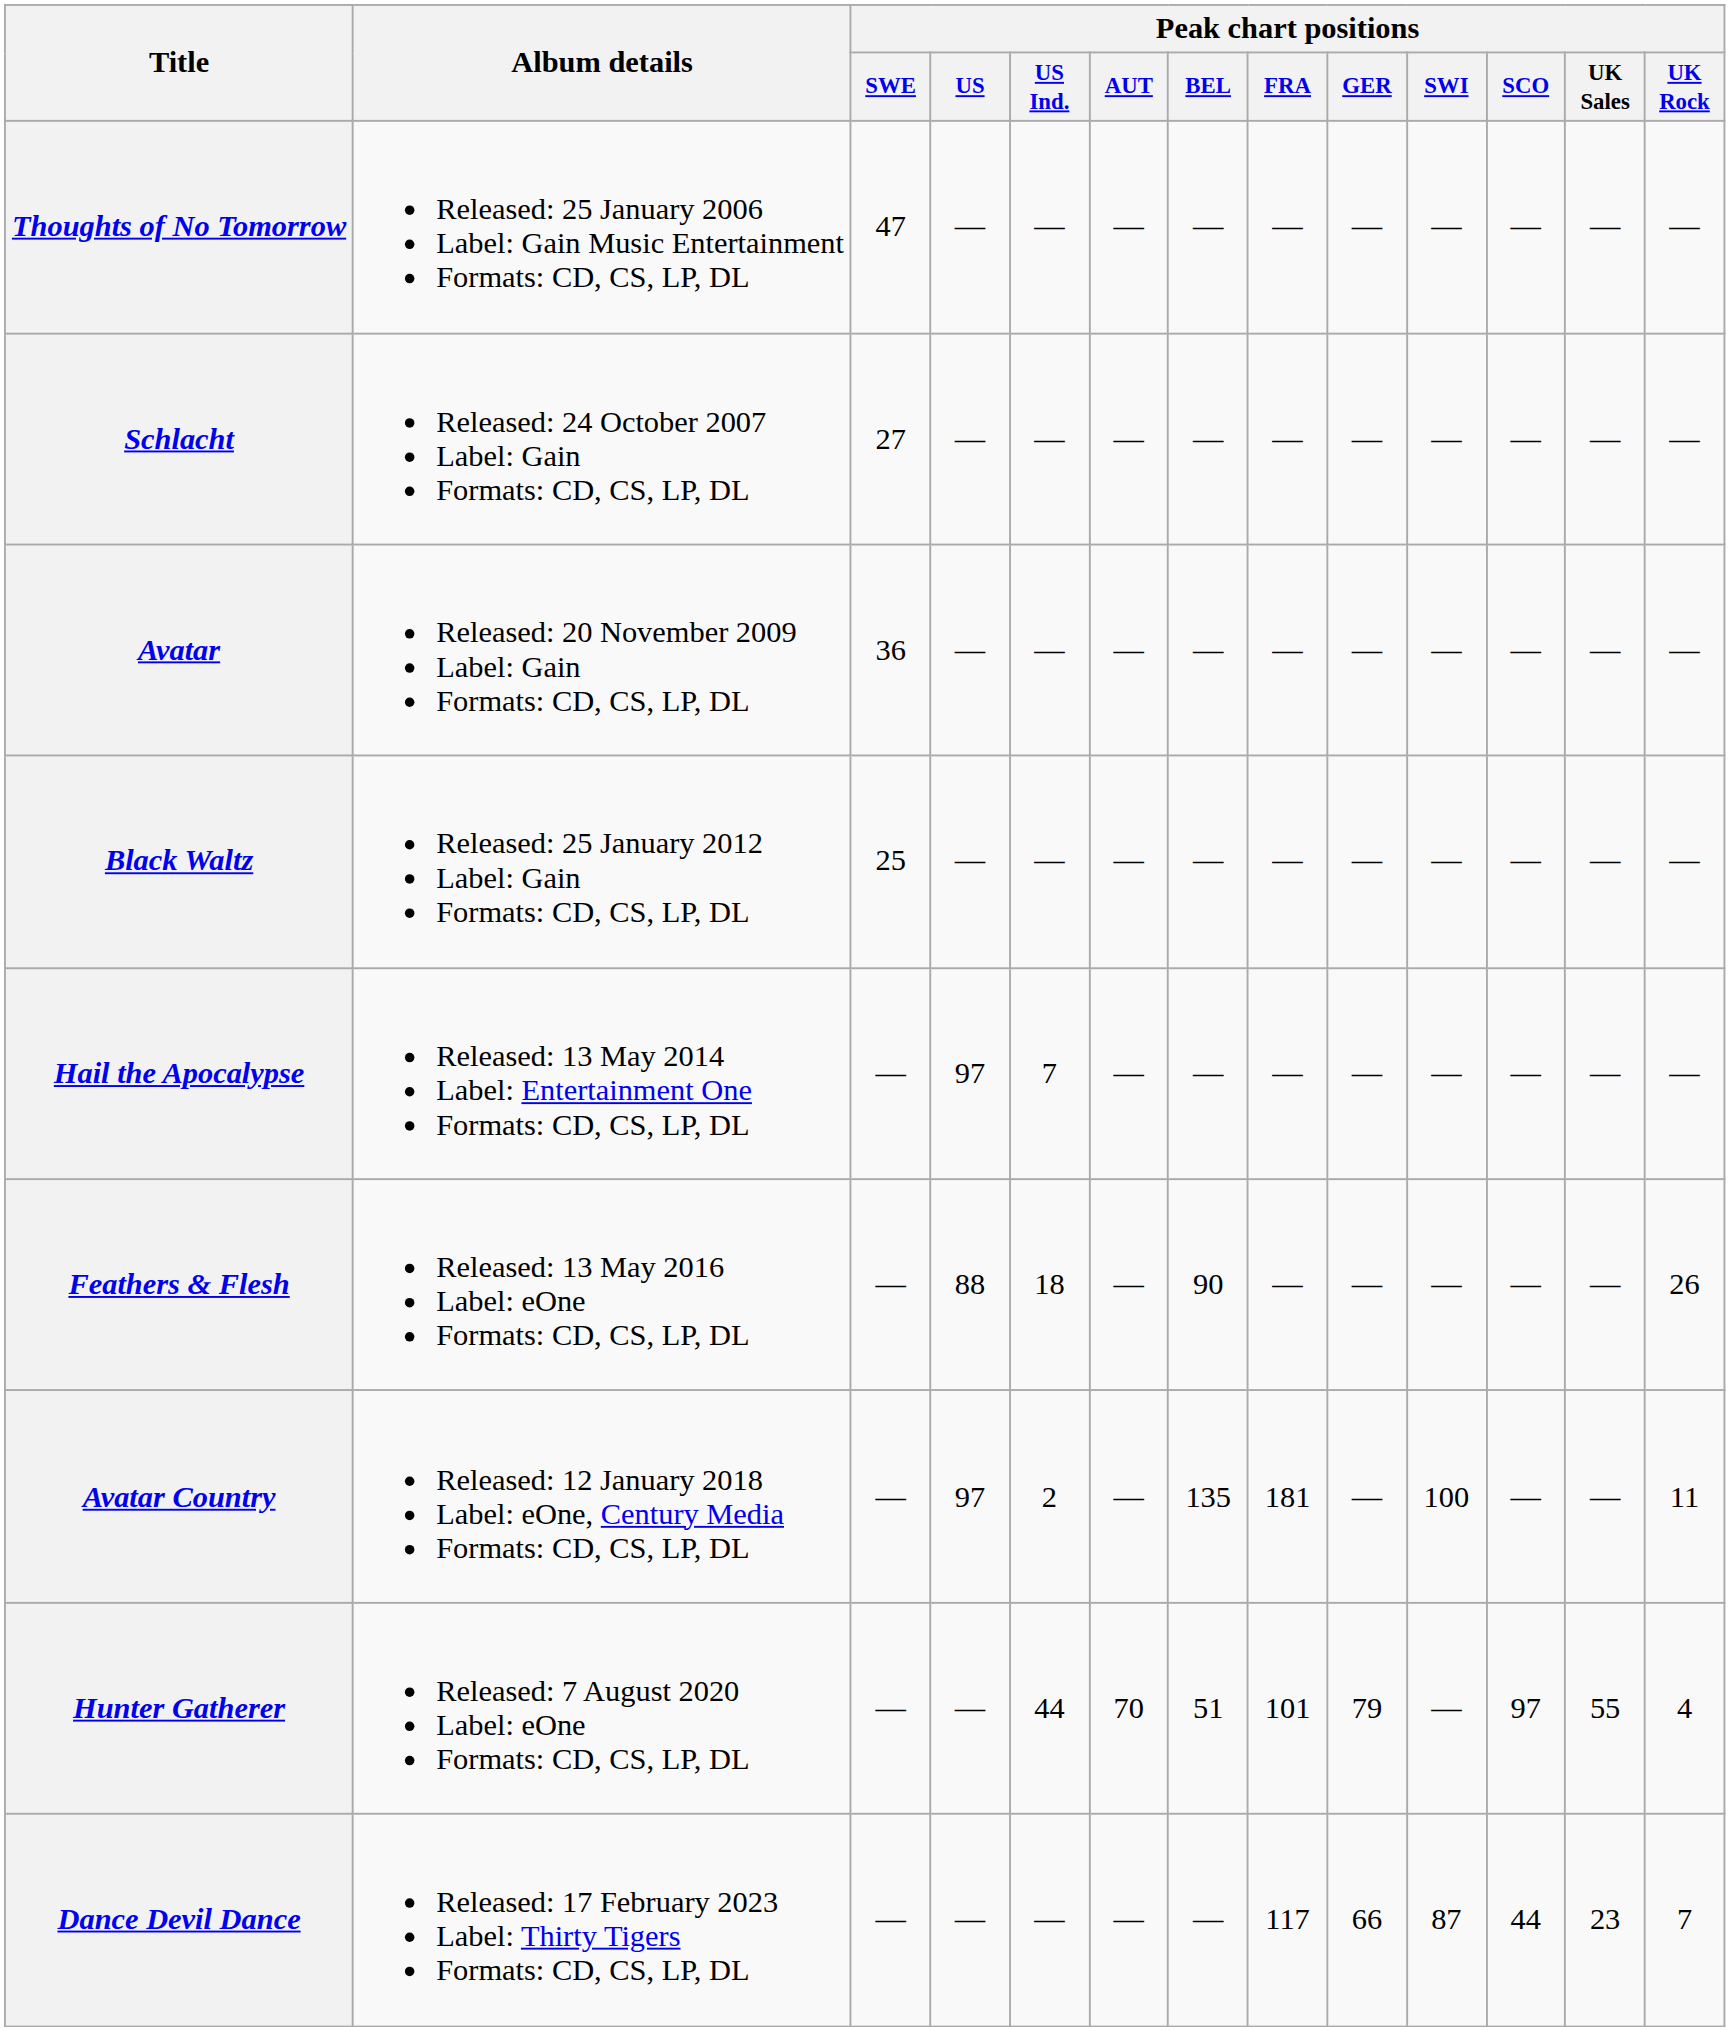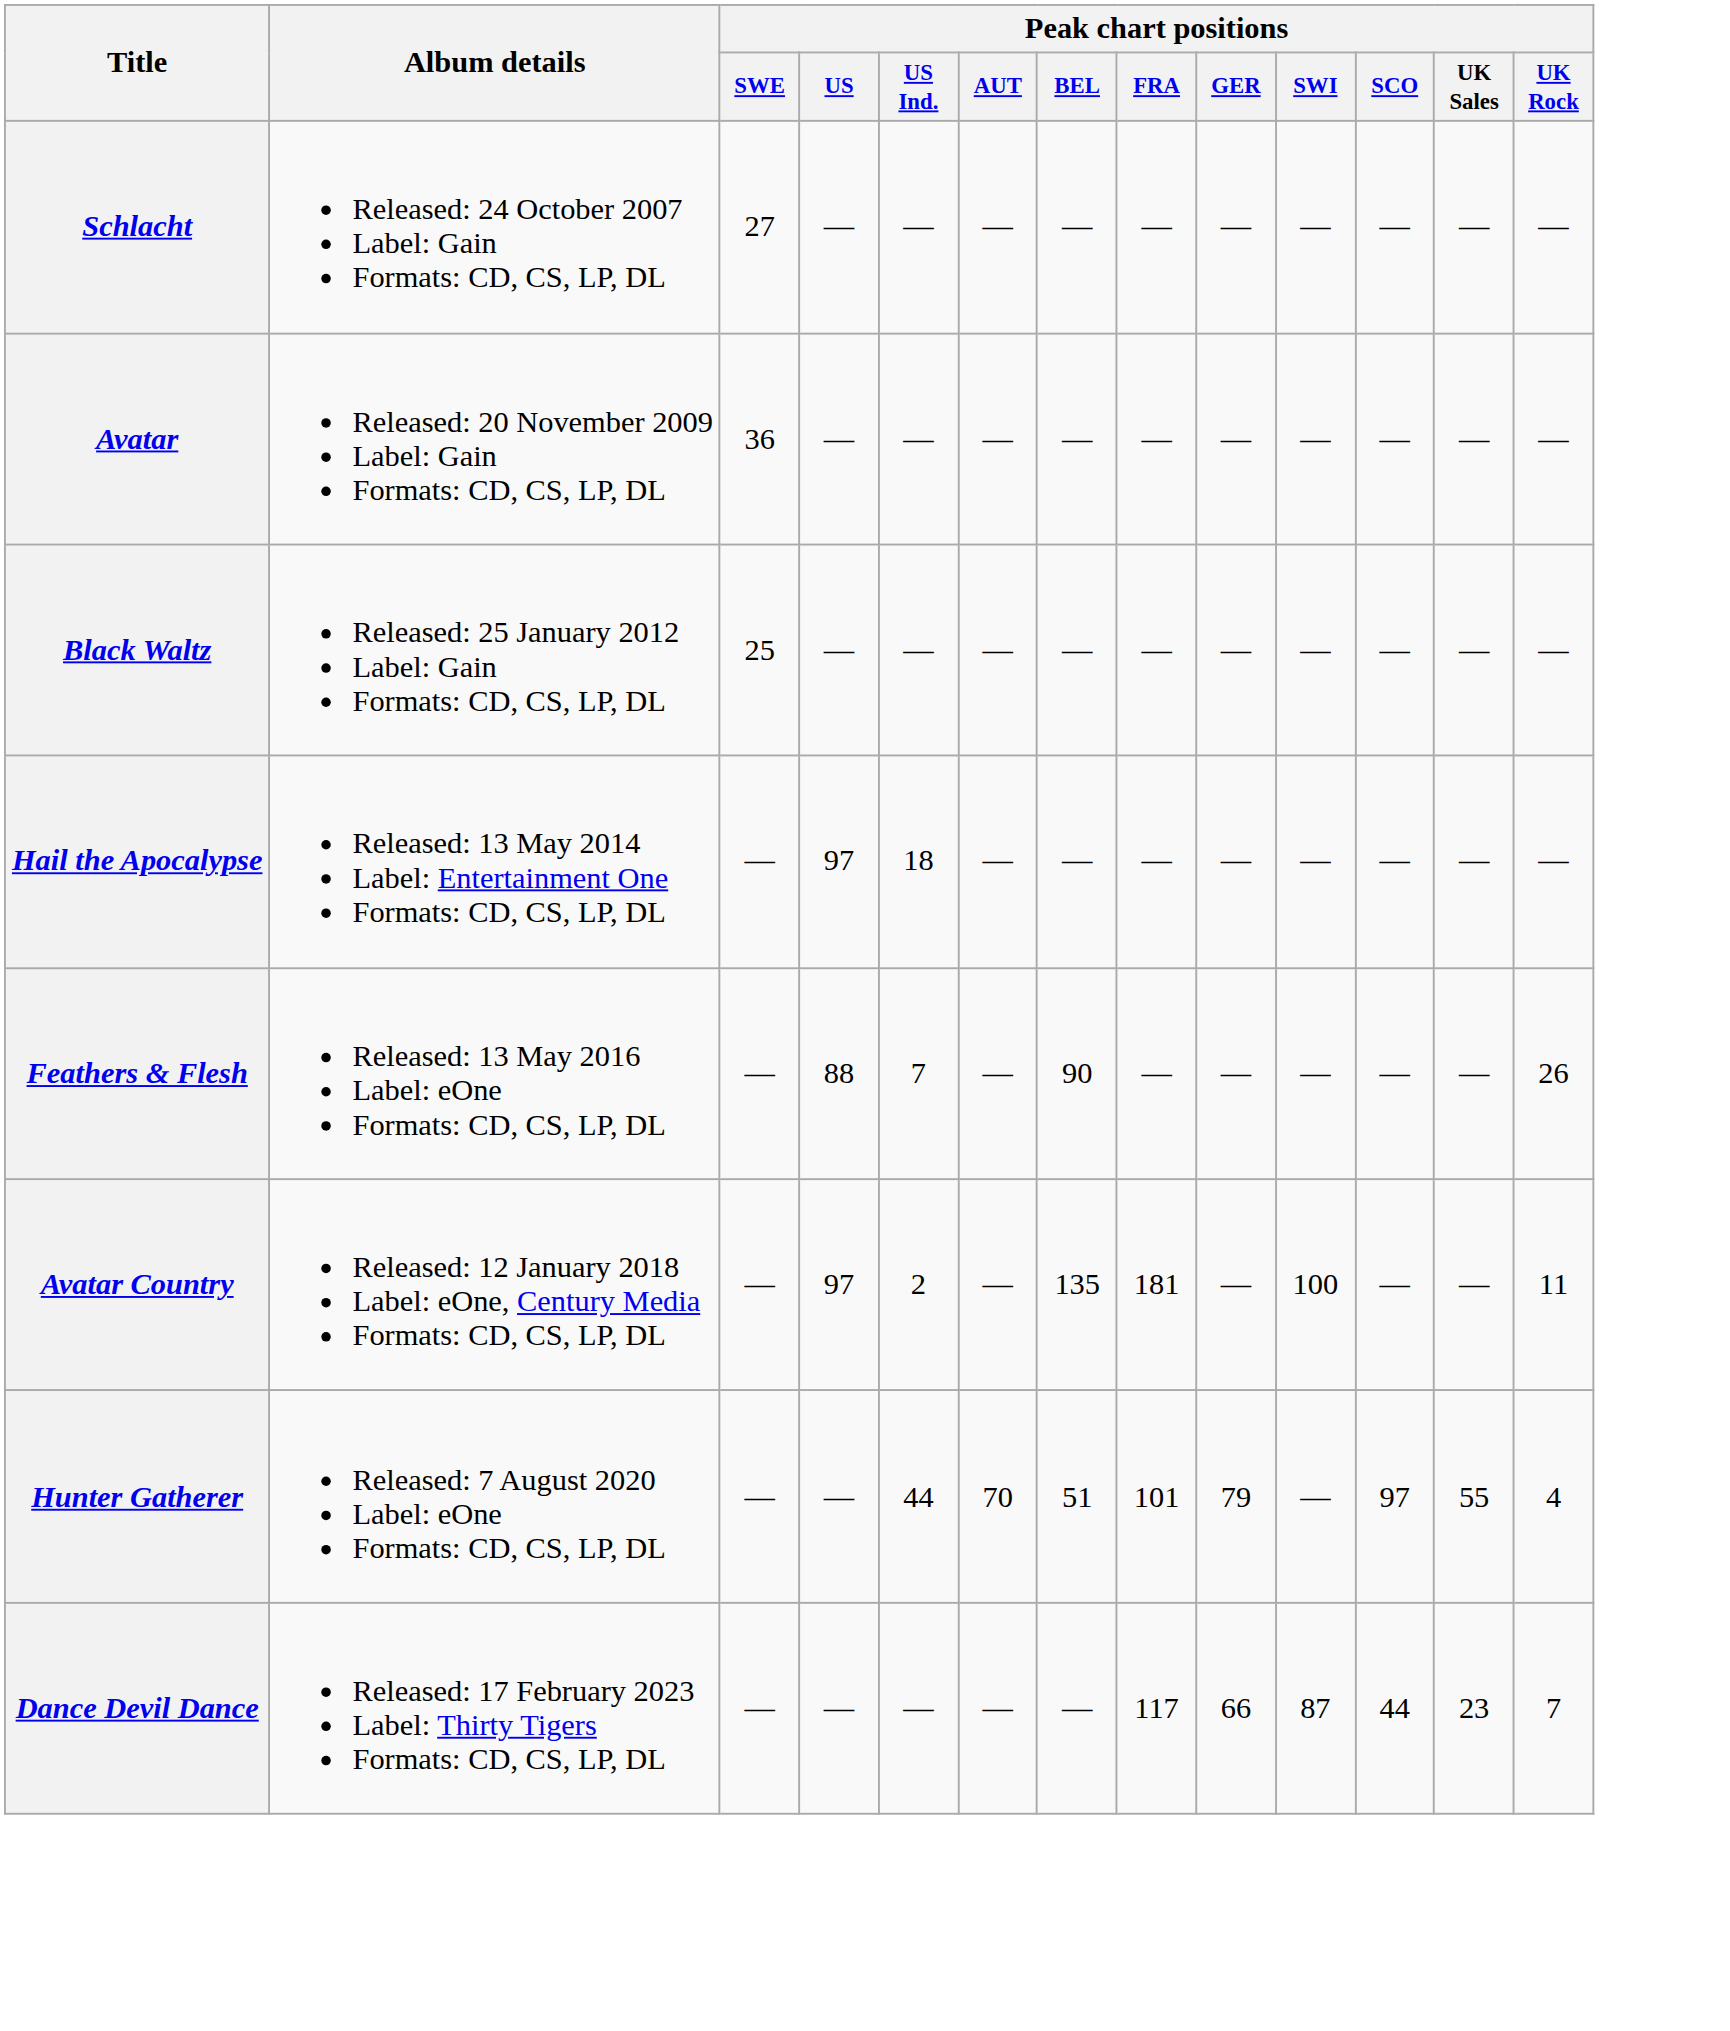 <table class ="wikitable">
 <tr>
 <th rowspan="2">Title</th>
 <th rowspan="2">Album details</th>
 <th colspan="11">Peak chart positions</th>
 </tr>
 <tr>
 <th style="width:3em;font-size:75%"><a href='#'>SWE</a><br></th>
 <th style="width:3em;font-size:75%"><a href='#'>US</a><br></th>
 <th style="width:3em;font-size:75%"><a href='#'>US<br> Ind.</a></th>
 <th style="width:3em;font-size:75%"><a href='#'>AUT</a><br></th>
 <th style="width:3em;font-size:75%"><a href='#'>BEL</a><br></th>
 <th style="width:3em;font-size:75%"><a href='#'>FRA</a><br></th>
 <th style="width:3em;font-size:75%"><a href='#'>GER</a><br></th>
 <th style="width:3em;font-size:75%"><a href='#'>SWI</a><br></th>
 <th style="width:3em;font-size:75%"><a href='#'>SCO</a><br></th>
 <th style="width:3em;font-size:75%">UK Sales<br></th>
 <th style="width:3em;font-size:75%"><a href='#'>UK Rock</a><br></th>
-</tr>
-<tr>
-<th scope="row"><em><a href='#'>Thoughts of No Tomorrow</a></em></th>
-<td><br><ul><li>Released: 25 January 2006</li><li>Label: Gain Music Entertainment</li><li>Formats: CD, CS, LP, DL</li></ul></td>
-<td align="center">47</td>
-<td align="center">—</td>
-<td align="center">—</td>
-<td align="center">—</td>
-<td align="center">—</td>
-<td align="center">—</td>
-<td align="center">—</td>
-<td align="center">—</td>
-<td align="center">—</td>
-<td align="center">—</td>
-<td align="center">—</td>
 </tr>
 <tr>
 <th scope="row"><em><a href='#'>Schlacht</a></em></th>
 <td><br><ul><li>Released: 24 October 2007</li><li>Label: Gain</li><li>Formats: CD, CS, LP, DL</li></ul></td>
 <td align="center">27</td>
 <td align="center">—</td>
 <td align="center">—</td>
 <td align="center">—</td>
 <td align="center">—</td>
 <td align="center">—</td>
 <td align="center">—</td>
 <td align="center">—</td>
 <td align="center">—</td>
 <td align="center">—</td>
 <td align="center">—</td>
 </tr>
 <tr>
 <th scope="row"><em><a href='#'>Avatar</a></em></th>
 <td><br><ul><li>Released: 20 November 2009</li><li>Label: Gain</li><li>Formats: CD, CS, LP, DL</li></ul></td>
 <td align="center">36</td>
 <td align="center">—</td>
 <td align="center">—</td>
 <td align="center">—</td>
 <td align="center">—</td>
 <td align="center">—</td>
 <td align="center">—</td>
 <td align="center">—</td>
 <td align="center">—</td>
 <td align="center">—</td>
 <td align="center">—</td>
 </tr>
 <tr>
 <th scope="row"><em><a href='#'>Black Waltz</a></em></th>
 <td><br><ul><li>Released: 25 January 2012</li><li>Label: Gain</li><li>Formats: CD, CS, LP, DL</li></ul></td>
 <td align="center">25</td>
 <td align="center">—</td>
 <td align="center">—</td>
 <td align="center">—</td>
 <td align="center">—</td>
 <td align="center">—</td>
 <td align="center">—</td>
 <td align="center">—</td>
 <td align="center">—</td>
 <td align="center">—</td>
 <td align="center">—</td>
 </tr>
 <tr>
 <th scope="row"><em><a href='#'>Hail the Apocalypse</a></em></th>
 <td><br><ul><li>Released: 13 May 2014</li><li>Label: <a href='#'>Entertainment One</a></li><li>Formats: CD, CS, LP, DL</li></ul></td>
 <td align="center">—</td>
 <td align="center">97</td>
-<td align="center">7</td>
+<td align="center">18</td>
 <td align="center">—</td>
 <td align="center">—</td>
 <td align="center">—</td>
 <td align="center">—</td>
 <td align="center">—</td>
 <td align="center">—</td>
 <td align="center">—</td>
 <td align="center">—</td>
 </tr>
 <tr>
 <th scope="row"><em><a href='#'>Feathers & Flesh</a></em></th>
 <td><br><ul><li>Released: 13 May 2016</li><li>Label: eOne</li><li>Formats: CD, CS, LP, DL</li></ul></td>
 <td align="center">—</td>
 <td align="center">88</td>
-<td align="center">18</td>
+<td align="center">7</td>
 <td align="center">—</td>
 <td align="center">90</td>
 <td align="center">—</td>
 <td align="center">—</td>
 <td align="center">—</td>
 <td align="center">—</td>
 <td align="center">—</td>
 <td align="center">26</td>
 </tr>
 <tr>
 <th scope="row"><em><a href='#'>Avatar Country</a></em></th>
 <td><br><ul><li>Released: 12 January 2018</li><li>Label: eOne, <a href='#'>Century Media</a></li><li>Formats: CD, CS, LP, DL</li></ul></td>
 <td align="center">—</td>
 <td align="center">97</td>
 <td align="center">2</td>
 <td align="center">—</td>
 <td align="center">135</td>
 <td align="center">181</td>
 <td align="center">—</td>
 <td align="center">100</td>
 <td align="center">—</td>
 <td align="center">—</td>
 <td align="center">11</td>
 </tr>
 <tr>
 <th scope="row"><em><a href='#'>Hunter Gatherer</a></em></th>
 <td><br><ul><li>Released: 7 August 2020</li><li>Label: eOne</li><li>Formats: CD, CS, LP, DL</li></ul></td>
 <td align="center">—</td>
 <td align="center">—</td>
 <td align="center">44</td>
 <td align="center">70</td>
 <td align="center">51</td>
 <td align="center">101</td>
 <td align="center">79</td>
 <td align="center">—</td>
 <td align="center">97</td>
 <td align="center">55</td>
 <td align="center">4</td>
 </tr>
 <tr>
 <th scope="row"><em><a href='#'>Dance Devil Dance</a></em></th>
 <td><br><ul><li>Released: 17 February 2023</li><li>Label: <a href='#'>Thirty Tigers</a></li><li>Formats: CD, CS, LP, DL</li></ul></td>
 <td align="center">—</td>
 <td align="center">—</td>
 <td align="center">—</td>
 <td align="center">—</td>
 <td align="center">—</td>
 <td align="center">117</td>
 <td align="center">66</td>
 <td align="center">87</td>
 <td align="center">44</td>
 <td align="center">23</td>
 <td align="center">7</td>
 </tr>
 </table>
